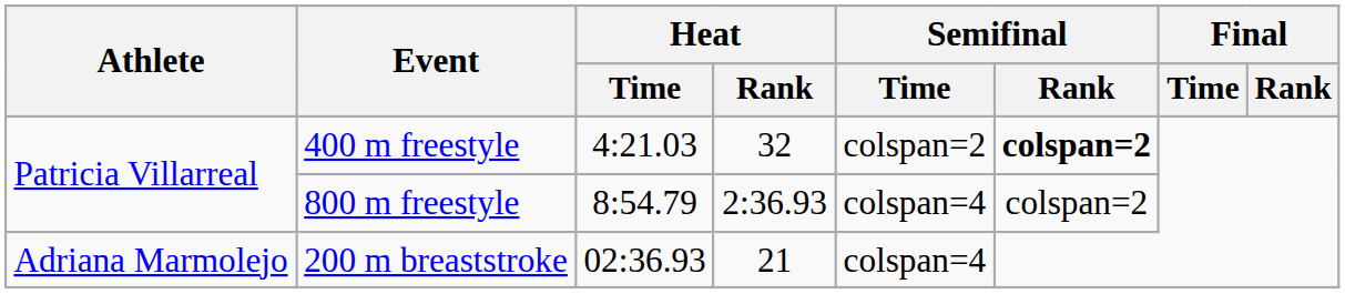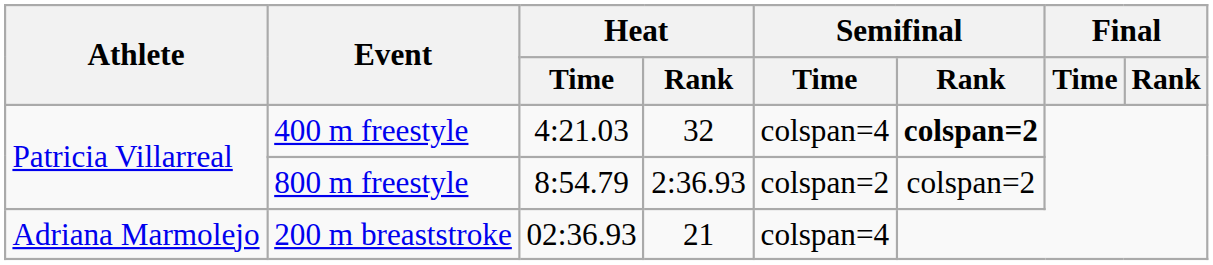 <table class=wikitable style=font-size:90%;text-align:center>
 <tr>
 <th rowspan=2>Athlete</th>
 <th rowspan=2>Event</th>
 <th colspan=2>Heat</th>
 <th colspan=2>Semifinal</th>
 <th colspan=2>Final</th>
 </tr>
 <tr style=font-size:95%>
 <th>Time</th>
 <th>Rank</th>
 <th>Time</th>
 <th>Rank</th>
 <th>Time</th>
 <th>Rank</th>
 </tr>
 <tr>
 <td align=left rowspan=2><a href='#'>Patricia Villarreal</a></td>
 <td align=left><a href='#'>400 m freestyle</a></td>
 <td>4:21.03</td>
 <td>32</td>
-<td>colspan=2 </td>
+<td>colspan=4 </td>
 <td><strong>colspan=2 </strong></td>
 </tr>
 <tr>
 <td align=left><a href='#'>800 m freestyle</a></td>
 <td>8:54.79</td>
 <td>2:36.93</td>
-<td>colspan=4 </td>
+<td>colspan=2 </td>
 <td>colspan=2 </td>
 </tr>
 <tr>
 <td align=left><a href='#'>Adriana Marmolejo</a></td>
 <td align=left><a href='#'>200 m breaststroke</a></td>
 <td>02:36.93</td>
 <td>21</td>
 <td>colspan=4 </td>
 </tr>
 </table>
